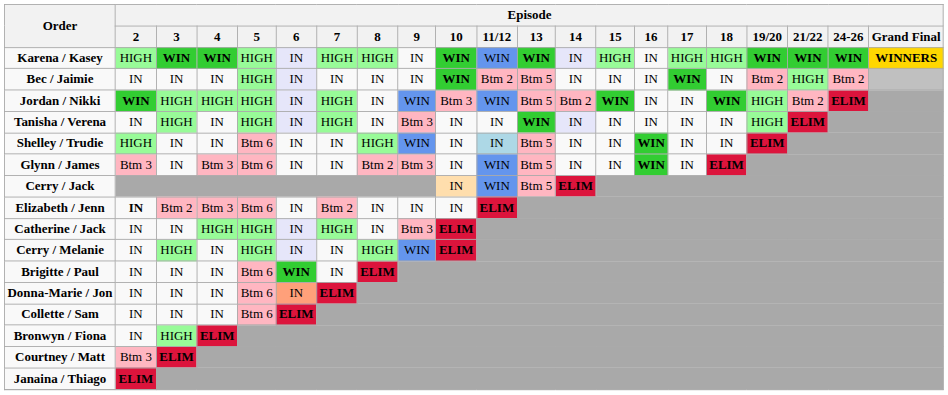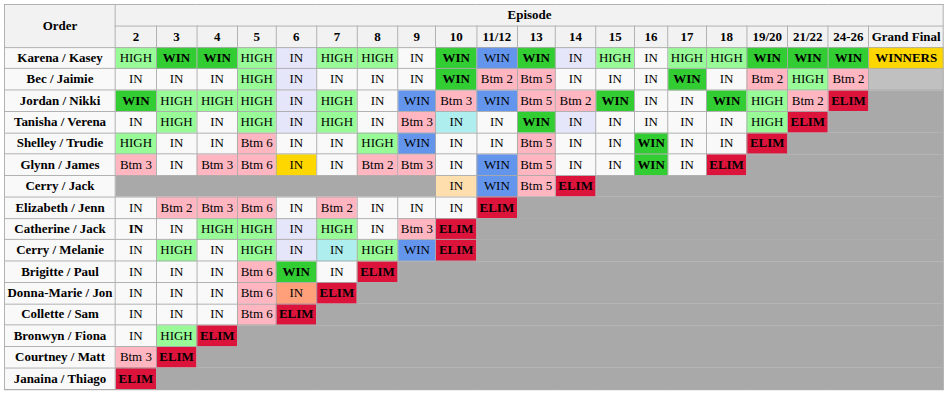 <table class="wikitable" style="font-size: 90%; text-align: center;">
 <tr>
 <th rowspan=2>Order</th>
 <th colspan=20>Episode</th>
 </tr>
 <tr>
 <th>2</th>
 <th>3</th>
 <th>4</th>
 <th>5</th>
 <th>6</th>
 <th>7</th>
 <th>8</th>
 <th>9</th>
 <th>10</th>
 <th>11/12</th>
 <th>13</th>
 <th>14</th>
 <th>15</th>
 <th>16</th>
 <th>17</th>
 <th>18</th>
 <th>19/20</th>
 <th>21/22</th>
 <th>24-26</th>
 <th>Grand Final</th>
 </tr>
 <tr>
 <td><strong>Karena / Kasey</strong></td>
 <td bgcolor="palegreen">HIGH</td>
 <td bgcolor="limegreen"><strong>WIN</strong></td>
 <td bgcolor="limegreen"><strong>WIN</strong></td>
 <td bgcolor="palegreen">HIGH</td>
 <td bgcolor="lavender">IN</td>
 <td bgcolor="palegreen">HIGH</td>
 <td bgcolor="palegreen">HIGH</td>
 <td>IN</td>
 <td bgcolor="limegreen"><strong>WIN</strong></td>
 <td bgcolor="cornflowerblue">WIN</td>
 <td bgcolor="limegreen"><strong>WIN</strong></td>
 <td bgcolor="lavender">IN</td>
 <td bgcolor="palegreen">HIGH</td>
 <td>IN</td>
 <td bgcolor="palegreen">HIGH</td>
 <td bgcolor="palegreen">HIGH</td>
 <td bgcolor="limegreen"><strong>WIN</strong></td>
 <td bgcolor="limegreen"><strong>WIN</strong></td>
 <td bgcolor="limegreen"><strong>WIN</strong></td>
 <td bgcolor="gold"><strong>WINNERS</strong></td>
 </tr>
 <tr>
 <td><strong>Bec / Jaimie</strong></td>
 <td>IN</td>
 <td>IN</td>
 <td>IN</td>
 <td bgcolor="palegreen">HIGH</td>
 <td bgcolor="lavender">IN</td>
 <td>IN</td>
 <td>IN</td>
 <td>IN</td>
 <td bgcolor="limegreen"><strong>WIN</strong></td>
 <td bgcolor="lightpink">Btm 2</td>
 <td bgcolor="lightpink">Btm 5</td>
 <td>IN</td>
 <td>IN</td>
 <td>IN</td>
 <td bgcolor="limegreen"><strong>WIN</strong></td>
 <td>IN</td>
 <td bgcolor="lightpink">Btm 2</td>
 <td bgcolor="palegreen">HIGH</td>
 <td bgcolor="lightpink">Btm 2</td>
 <td bgcolor="silver"></td>
 </tr>
 <tr>
 <td><strong>Jordan / Nikki</strong></td>
 <td bgcolor="limegreen"><strong>WIN</strong></td>
 <td bgcolor="palegreen">HIGH</td>
 <td bgcolor="palegreen">HIGH</td>
 <td bgcolor="palegreen">HIGH</td>
 <td bgcolor="lavender">IN</td>
 <td bgcolor="palegreen">HIGH</td>
 <td>IN</td>
 <td bgcolor="cornflowerblue">WIN</td>
 <td bgcolor="lightpink">Btm 3</td>
 <td bgcolor="cornflowerblue">WIN</td>
 <td bgcolor="lightpink">Btm 5</td>
 <td bgcolor="lightpink">Btm 2</td>
 <td bgcolor="limegreen"><strong>WIN</strong></td>
 <td>IN</td>
 <td>IN</td>
 <td bgcolor="limegreen"><strong>WIN</strong></td>
 <td bgcolor="palegreen">HIGH</td>
 <td bgcolor="lightpink">Btm 2</td>
 <td bgcolor="crimson"><strong>ELIM</strong></td>
 <td bgcolor="darkgray" colspan=10></td>
 </tr>
 <tr>
 <td><strong>Tanisha / Verena</strong></td>
 <td>IN</td>
 <td bgcolor="palegreen">HIGH</td>
 <td>IN</td>
 <td bgcolor="palegreen">HIGH</td>
 <td bgcolor="lavender">IN</td>
 <td bgcolor="palegreen">HIGH</td>
 <td>IN</td>
 <td bgcolor="lightpink">Btm 3</td>
-<td>IN</td>
+<td style="background: paleturquoise;">IN</td>
 <td>IN</td>
 <td bgcolor="limegreen"><strong>WIN</strong></td>
 <td bgcolor="lavender">IN</td>
 <td>IN</td>
 <td>IN</td>
 <td>IN</td>
 <td>IN</td>
 <td bgcolor="palegreen">HIGH</td>
 <td bgcolor="crimson"><strong>ELIM</strong></td>
 <td bgcolor="darkgray" colspan=11></td>
 </tr>
 <tr>
 <td><strong>Shelley / Trudie</strong></td>
 <td bgcolor="palegreen">HIGH</td>
 <td>IN</td>
 <td>IN</td>
 <td bgcolor="lightpink">Btm 6</td>
 <td>IN</td>
 <td>IN</td>
 <td bgcolor="palegreen">HIGH</td>
 <td bgcolor="cornflowerblue">WIN</td>
 <td>IN</td>
-<td style="background: lightblue;">IN</td>
+<td>IN</td>
 <td bgcolor="lightpink">Btm 5</td>
 <td>IN</td>
 <td>IN</td>
 <td bgcolor="limegreen"><strong>WIN</strong></td>
 <td>IN</td>
 <td>IN</td>
 <td bgcolor="crimson"><strong>ELIM</strong></td>
 <td bgcolor="darkgray" colspan=11></td>
 </tr>
 <tr>
 <td><strong>Glynn / James</strong></td>
 <td bgcolor="lightpink">Btm 3</td>
 <td>IN</td>
 <td bgcolor="lightpink">Btm 3</td>
 <td bgcolor="lightpink">Btm 6</td>
-<td>IN</td>
+<td style="background: gold;">IN</td>
 <td>IN</td>
 <td bgcolor="lightpink">Btm 2</td>
 <td bgcolor="lightpink">Btm 3</td>
 <td>IN</td>
 <td bgcolor="cornflowerblue">WIN</td>
 <td bgcolor="lightpink">Btm 5</td>
 <td>IN</td>
 <td>IN</td>
 <td bgcolor="limegreen"><strong>WIN</strong></td>
 <td>IN</td>
 <td bgcolor="crimson"><strong>ELIM</strong></td>
 <td bgcolor="darkgray" colspan=12></td>
 </tr>
 <tr>
 <td><strong>Cerry / Jack</strong></td>
 <td bgcolor="darkgray" colspan=8></td>
 <td bgcolor="navajowhite">IN</td>
 <td bgcolor="cornflowerblue">WIN</td>
 <td bgcolor="lightpink">Btm 5</td>
 <td bgcolor="crimson"><strong>ELIM</strong></td>
 <td bgcolor="darkgray" colspan=13></td>
 </tr>
 <tr>
 <td><strong>Elizabeth / Jenn</strong></td>
-<td><strong>IN</strong></td>
+<td>IN</td>
 <td bgcolor="lightpink">Btm 2</td>
 <td bgcolor="lightpink">Btm 3</td>
 <td bgcolor="lightpink">Btm 6</td>
 <td>IN</td>
 <td bgcolor="lightpink">Btm 2</td>
 <td>IN</td>
 <td>IN</td>
 <td>IN</td>
 <td bgcolor="crimson"><strong>ELIM</strong></td>
 <td bgcolor="darkgray" colspan=14></td>
 </tr>
 <tr>
 <td><strong>Catherine / Jack</strong></td>
-<td>IN</td>
+<td><strong>IN</strong></td>
 <td>IN</td>
 <td bgcolor="palegreen">HIGH</td>
 <td bgcolor="palegreen">HIGH</td>
 <td bgcolor="lavender">IN</td>
 <td bgcolor="palegreen">HIGH</td>
 <td>IN</td>
 <td bgcolor="lightpink">Btm 3</td>
 <td bgcolor="crimson"><strong>ELIM</strong></td>
 <td bgcolor="darkgray" colspan=15></td>
 </tr>
 <tr>
 <td><strong>Cerry / Melanie</strong></td>
 <td>IN</td>
 <td bgcolor="palegreen">HIGH</td>
 <td>IN</td>
 <td bgcolor="palegreen">HIGH</td>
 <td bgcolor="lavender">IN</td>
-<td>IN</td>
+<td style="background: paleturquoise;">IN</td>
 <td bgcolor="palegreen">HIGH</td>
 <td bgcolor="cornflowerblue">WIN</td>
 <td bgcolor="crimson"><strong>ELIM</strong></td>
 <td bgcolor="darkgray" colspan=15></td>
 </tr>
 <tr>
 <td><strong>Brigitte / Paul</strong></td>
 <td>IN</td>
 <td>IN</td>
 <td>IN</td>
 <td bgcolor="lightpink">Btm 6</td>
 <td bgcolor="limegreen"><strong>WIN</strong></td>
 <td>IN</td>
 <td bgcolor="crimson"><strong>ELIM</strong></td>
 <td bgcolor="darkgray" colspan=16></td>
 </tr>
 <tr>
 <td><strong>Donna-Marie / Jon</strong></td>
 <td>IN</td>
 <td>IN</td>
 <td>IN</td>
 <td bgcolor="lightpink">Btm 6</td>
 <td style="background: lightsalmon;">IN</td>
 <td bgcolor="crimson"><strong>ELIM</strong></td>
 <td bgcolor="darkgray" colspan=17></td>
 </tr>
 <tr>
 <td><strong>Collette / Sam</strong></td>
 <td>IN</td>
 <td>IN</td>
 <td>IN</td>
 <td bgcolor="lightpink">Btm 6</td>
 <td bgcolor="crimson"><strong>ELIM</strong></td>
 <td bgcolor="darkgray" colspan=18></td>
 </tr>
 <tr>
 <td><strong>Bronwyn / Fiona</strong></td>
 <td>IN</td>
 <td bgcolor="palegreen">HIGH</td>
 <td bgcolor="crimson"><strong>ELIM</strong></td>
 <td bgcolor="darkgray" colspan=19></td>
 </tr>
 <tr>
 <td><strong>Courtney / Matt</strong></td>
 <td bgcolor="lightpink">Btm 3</td>
 <td bgcolor="crimson"><strong>ELIM</strong></td>
 <td bgcolor="darkgray" colspan=18></td>
 </tr>
 <tr>
 <td><strong>Janaina / Thiago</strong></td>
 <td bgcolor="crimson"><strong>ELIM</strong></td>
 <td bgcolor="darkgray" colspan=19></td>
 </tr>
 <tr>
 </tr>
 </table>
